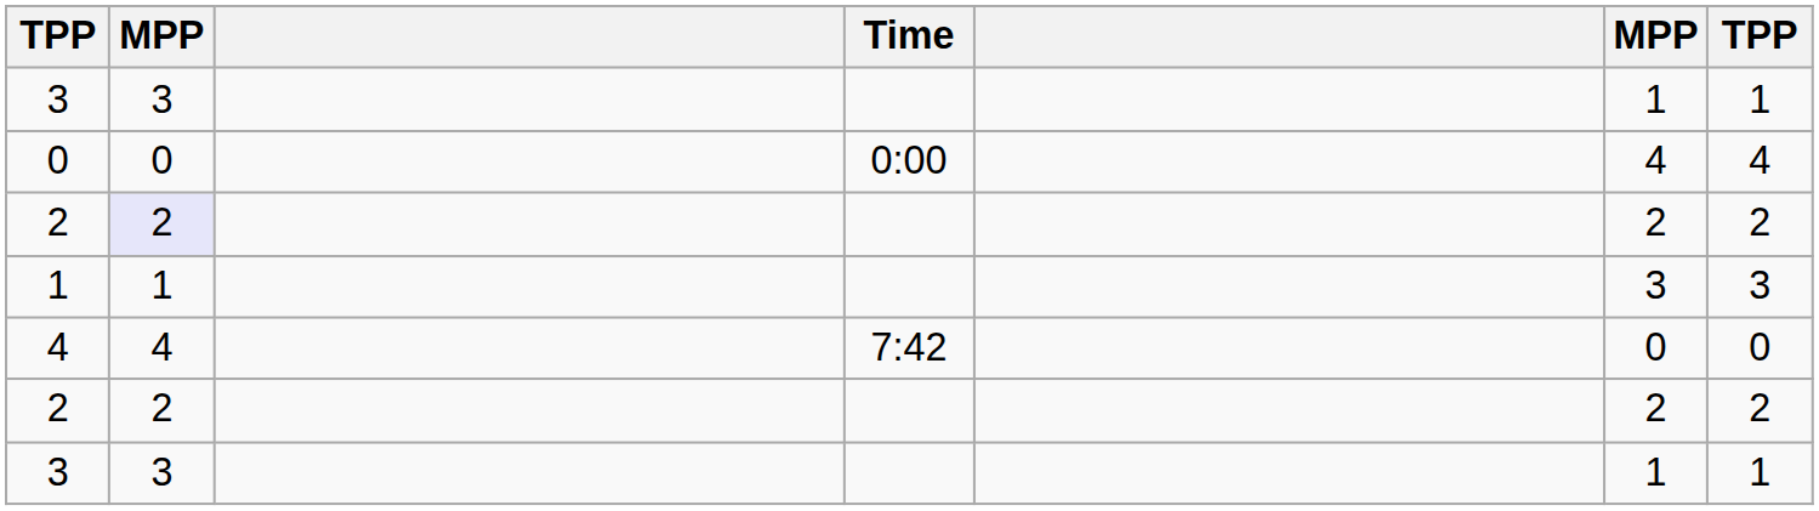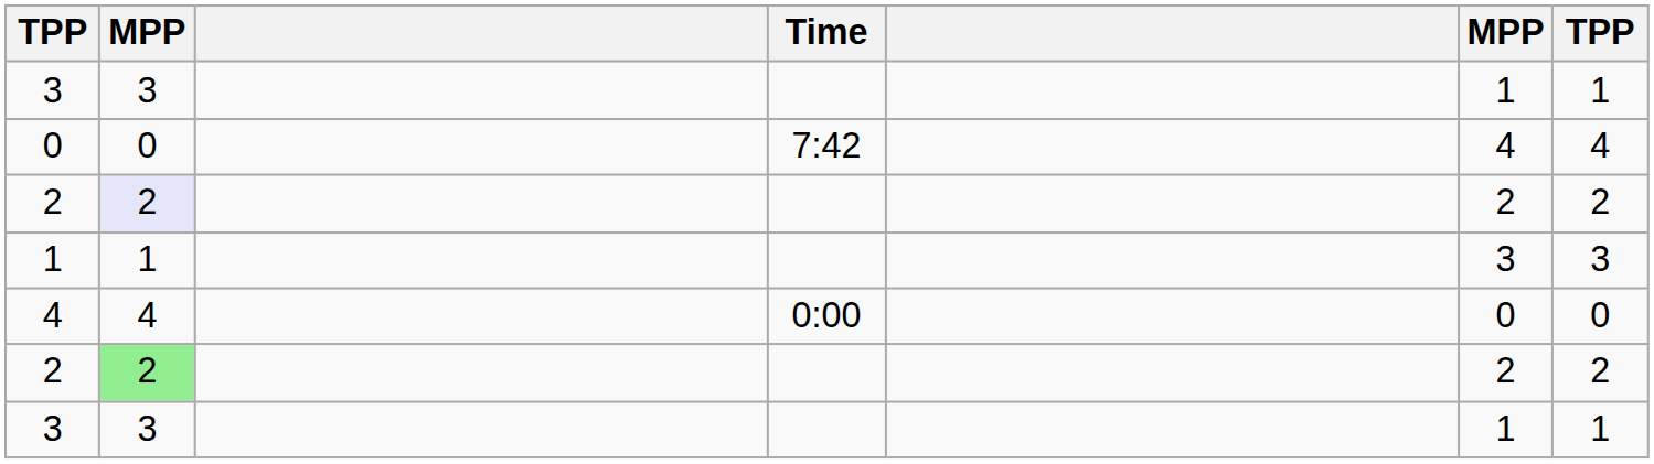 <table class="wikitable" style="text-align: center;" |>
 <tr>
 <th width="35">TPP</th>
 <th width="35">MPP</th>
 <th width="250"></th>
 <th width="45">Time</th>
 <th width="250"></th>
 <th width="35">MPP</th>
 <th width="35">TPP</th>
 </tr>
 <tr>
 <td>3</td>
 <td>3</td>
 <td style="text-align:left;"></td>
 <td></td>
 <td style="text-align:left;"><strong></strong></td>
 <td>1</td>
 <td>1</td>
 </tr>
 <tr>
 <td>0</td>
 <td>0</td>
 <td style="text-align:left;"><strong></strong></td>
-<td>0:00</td>
+<td>7:42</td>
 <td style="text-align:left;"></td>
 <td>4</td>
 <td>4</td>
 </tr>
 <tr>
 <td>2</td>
 <td style="background: lavender;">2</td>
 <td style="text-align:left;"></td>
 <td></td>
 <td style="text-align:left;"></td>
 <td>2</td>
 <td>2</td>
 </tr>
 <tr>
 <td>1</td>
 <td>1</td>
 <td style="text-align:left;"><strong></strong></td>
 <td></td>
 <td style="text-align:left;"></td>
 <td>3</td>
 <td>3</td>
 </tr>
 <tr>
 <td>4</td>
 <td>4</td>
 <td style="text-align:left;"></td>
-<td>7:42</td>
+<td>0:00</td>
 <td style="text-align:left;"><strong></strong></td>
 <td>0</td>
 <td>0</td>
 </tr>
 <tr>
 <td>2</td>
-<td>2</td>
+<td style="background: lightgreen;">2</td>
 <td style="text-align:left;"></td>
 <td></td>
 <td style="text-align:left;"></td>
 <td>2</td>
 <td>2</td>
 </tr>
 <tr>
 <td>3</td>
 <td>3</td>
 <td style="text-align:left;"></td>
 <td></td>
 <td style="text-align:left;"><strong></strong></td>
 <td>1</td>
 <td>1</td>
 </tr>
 </table>
